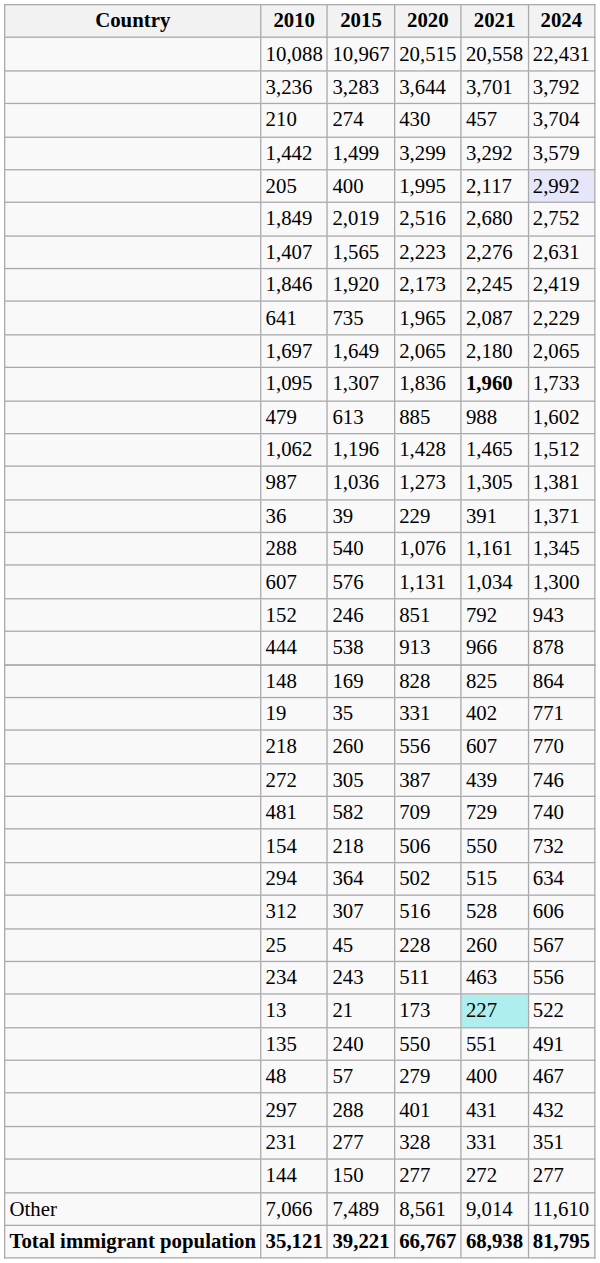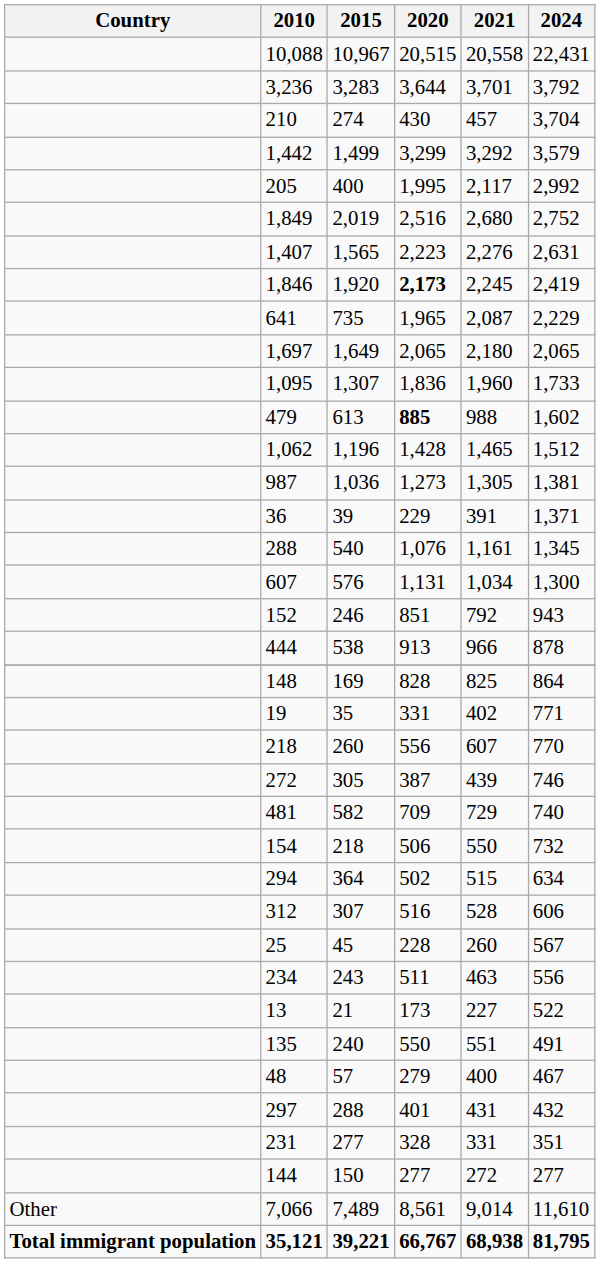 <table class="wikitable sortable">
 <tr>
 <th scope="col">Country</th>
 <th>2010</th>
 <th>2015</th>
 <th>2020</th>
 <th>2021</th>
 <th>2024</th>
 </tr>
 <tr>
 <td></td>
 <td>10,088</td>
 <td>10,967</td>
 <td>20,515</td>
 <td>20,558</td>
 <td>22,431</td>
 </tr>
 <tr>
 <td></td>
 <td>3,236</td>
 <td>3,283</td>
 <td>3,644</td>
 <td>3,701</td>
 <td>3,792</td>
 </tr>
 <tr>
 <td></td>
 <td>210</td>
 <td>274</td>
 <td>430</td>
 <td>457</td>
 <td>3,704</td>
 </tr>
 <tr>
 <td></td>
 <td>1,442</td>
 <td>1,499</td>
 <td>3,299</td>
 <td>3,292</td>
 <td>3,579</td>
 </tr>
 <tr>
 <td></td>
 <td>205</td>
 <td>400</td>
 <td>1,995</td>
 <td>2,117</td>
-<td style="background: lavender;">2,992</td>
+<td>2,992</td>
 </tr>
 <tr>
 <td></td>
 <td>1,849</td>
 <td>2,019</td>
 <td>2,516</td>
 <td>2,680</td>
 <td>2,752</td>
 </tr>
 <tr>
 <td></td>
 <td>1,407</td>
 <td>1,565</td>
 <td>2,223</td>
 <td>2,276</td>
 <td>2,631</td>
 </tr>
 <tr>
 <td></td>
 <td>1,846</td>
 <td>1,920</td>
-<td>2,173</td>
+<td><strong>2,173</strong></td>
 <td>2,245</td>
 <td>2,419</td>
 </tr>
 <tr>
 <td></td>
 <td>641</td>
 <td>735</td>
 <td>1,965</td>
 <td>2,087</td>
 <td>2,229</td>
 </tr>
 <tr>
 <td></td>
 <td>1,697</td>
 <td>1,649</td>
 <td>2,065</td>
 <td>2,180</td>
 <td>2,065</td>
 </tr>
 <tr>
 <td></td>
 <td>1,095</td>
 <td>1,307</td>
 <td>1,836</td>
-<td><strong>1,960</strong></td>
+<td>1,960</td>
 <td>1,733</td>
 </tr>
 <tr>
 <td></td>
 <td>479</td>
 <td>613</td>
-<td>885</td>
+<td><strong>885</strong></td>
 <td>988</td>
 <td>1,602</td>
 </tr>
 <tr>
 <td></td>
 <td>1,062</td>
 <td>1,196</td>
 <td>1,428</td>
 <td>1,465</td>
 <td>1,512</td>
 </tr>
 <tr>
 <td></td>
 <td>987</td>
 <td>1,036</td>
 <td>1,273</td>
 <td>1,305</td>
 <td>1,381</td>
 </tr>
 <tr>
 <td></td>
 <td>36</td>
 <td>39</td>
 <td>229</td>
 <td>391</td>
 <td>1,371</td>
 </tr>
 <tr>
 <td></td>
 <td>288</td>
 <td>540</td>
 <td>1,076</td>
 <td>1,161</td>
 <td>1,345</td>
 </tr>
 <tr>
 <td></td>
 <td>607</td>
 <td>576</td>
 <td>1,131</td>
 <td>1,034</td>
 <td>1,300</td>
 </tr>
 <tr>
 <td></td>
 <td>152</td>
 <td>246</td>
 <td>851</td>
 <td>792</td>
 <td>943</td>
 </tr>
 <tr>
 <td></td>
 <td>444</td>
 <td>538</td>
 <td>913</td>
 <td>966</td>
 <td>878</td>
 </tr>
 <tr>
 </tr>
 <tr>
 <td></td>
 <td>148</td>
 <td>169</td>
 <td>828</td>
 <td>825</td>
 <td>864</td>
 </tr>
 <tr>
 <td></td>
 <td>19</td>
 <td>35</td>
 <td>331</td>
 <td>402</td>
 <td>771</td>
 </tr>
 <tr>
 <td></td>
 <td>218</td>
 <td>260</td>
 <td>556</td>
 <td>607</td>
 <td>770</td>
 </tr>
 <tr>
 <td></td>
 <td>272</td>
 <td>305</td>
 <td>387</td>
 <td>439</td>
 <td>746</td>
 </tr>
 <tr>
 <td></td>
 <td>481</td>
 <td>582</td>
 <td>709</td>
 <td>729</td>
 <td>740</td>
 </tr>
 <tr>
 <td></td>
 <td>154</td>
 <td>218</td>
 <td>506</td>
 <td>550</td>
 <td>732</td>
 </tr>
 <tr>
 <td></td>
 <td>294</td>
 <td>364</td>
 <td>502</td>
 <td>515</td>
 <td>634</td>
 </tr>
 <tr>
 <td></td>
 <td>312</td>
 <td>307</td>
 <td>516</td>
 <td>528</td>
 <td>606</td>
 </tr>
 <tr>
 <td></td>
 <td>25</td>
 <td>45</td>
 <td>228</td>
 <td>260</td>
 <td>567</td>
 </tr>
 <tr>
 <td></td>
 <td>234</td>
 <td>243</td>
 <td>511</td>
 <td>463</td>
 <td>556</td>
 </tr>
 <tr>
 <td></td>
 <td>13</td>
 <td>21</td>
 <td>173</td>
-<td style="background: paleturquoise;">227</td>
+<td>227</td>
 <td>522</td>
 </tr>
 <tr>
 <td></td>
 <td>135</td>
 <td>240</td>
 <td>550</td>
 <td>551</td>
 <td>491</td>
 </tr>
 <tr>
 <td></td>
 <td>48</td>
 <td>57</td>
 <td>279</td>
 <td>400</td>
 <td>467</td>
 </tr>
 <tr>
 <td></td>
 <td>297</td>
 <td>288</td>
 <td>401</td>
 <td>431</td>
 <td>432</td>
 </tr>
 <tr>
 <td></td>
 <td>231</td>
 <td>277</td>
 <td>328</td>
 <td>331</td>
 <td>351</td>
 </tr>
 <tr>
 <td></td>
 <td>144</td>
 <td>150</td>
 <td>277</td>
 <td>272</td>
 <td>277</td>
 </tr>
 <tr>
 <td>Other</td>
 <td>7,066</td>
 <td>7,489</td>
 <td>8,561</td>
 <td>9,014</td>
 <td>11,610</td>
 </tr>
 <tr>
 <td><strong>Total immigrant population</strong></td>
 <td><strong>35,121</strong></td>
 <td><strong>39,221</strong></td>
 <td><strong>66,767</strong></td>
 <td><strong>68,938</strong></td>
 <td><strong>81,795</strong></td>
 </tr>
 </table>
